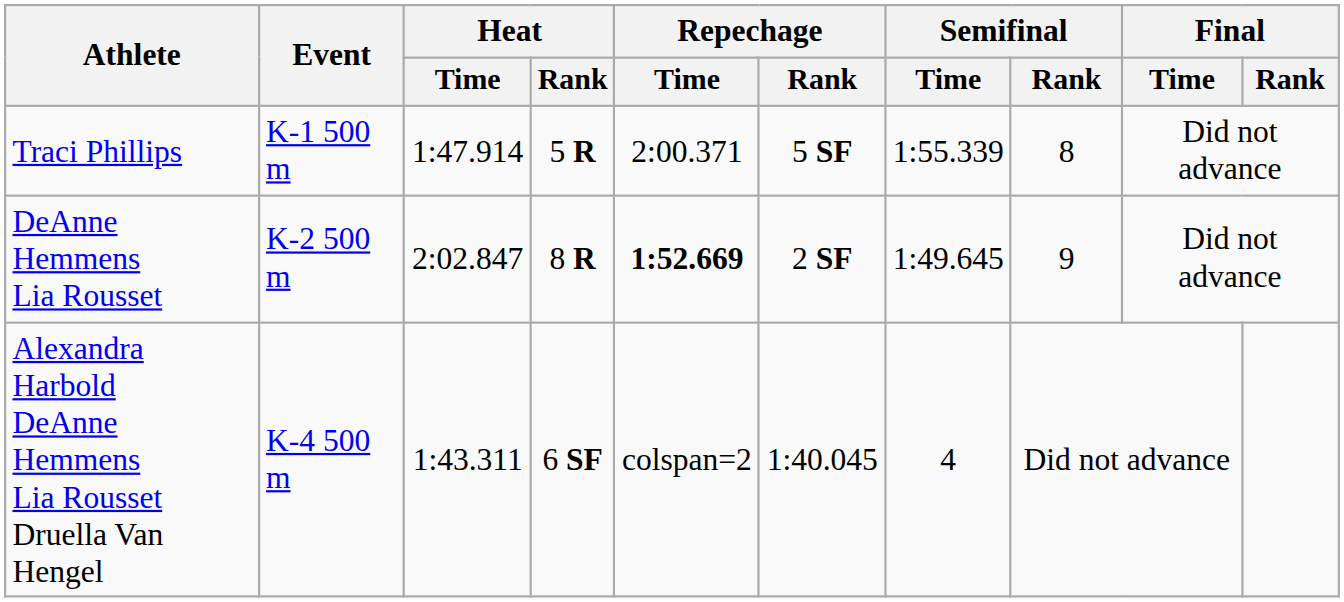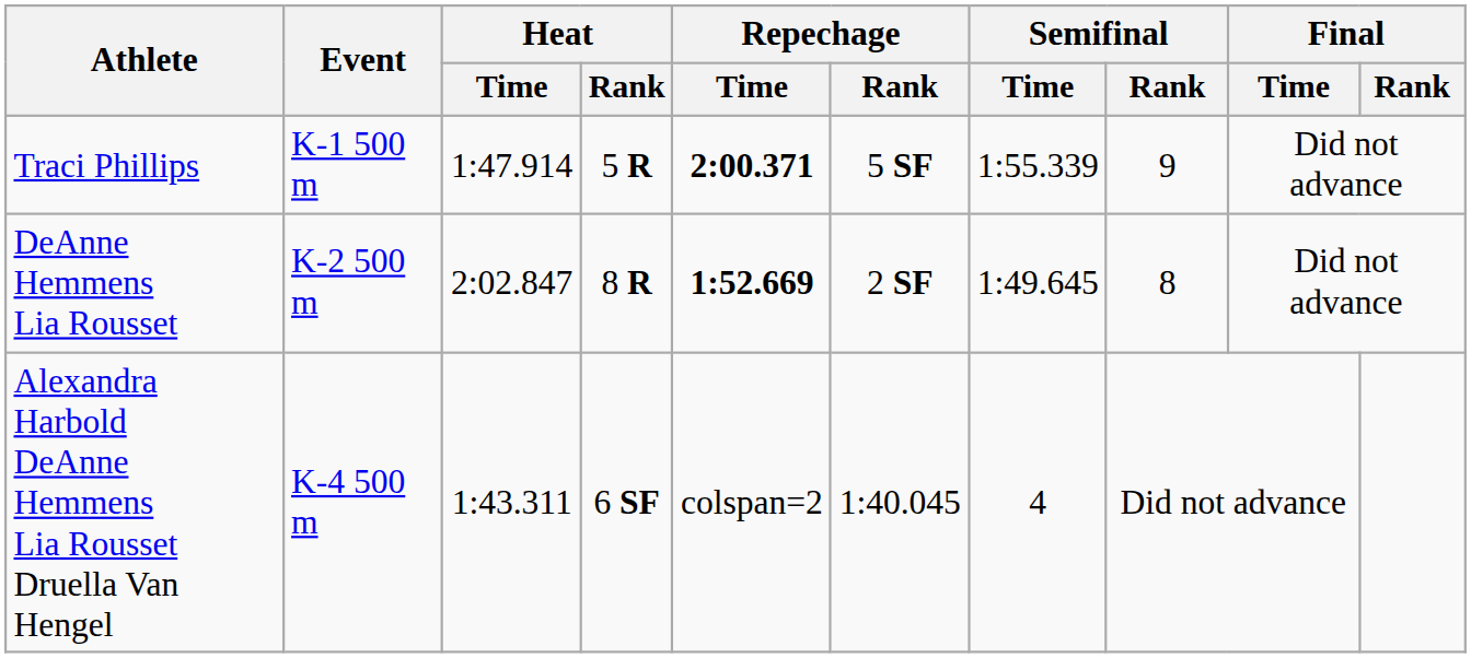 <table class=wikitable style=font-size:90%;text-align:center>
 <tr>
 <th rowspan=2>Athlete</th>
 <th rowspan=2>Event</th>
 <th colspan=2>Heat</th>
 <th colspan=2>Repechage</th>
 <th colspan=2>Semifinal</th>
 <th colspan=2>Final</th>
 </tr>
 <tr style=font-size:95%>
 <th>Time</th>
 <th>Rank</th>
 <th>Time</th>
 <th>Rank</th>
 <th>Time</th>
 <th>Rank</th>
 <th>Time</th>
 <th>Rank</th>
 </tr>
 <tr>
 <td align=left><a href='#'>Traci Phillips</a></td>
 <td align=left><a href='#'>K-1 500 m</a></td>
 <td>1:47.914</td>
 <td>5 <strong>R</strong></td>
-<td>2:00.371</td>
+<td><strong>2:00.371</strong></td>
 <td>5 <strong>SF</strong></td>
 <td>1:55.339</td>
-<td>8</td>
+<td>9</td>
 <td colspan=2>Did not advance</td>
 </tr>
 <tr>
 <td align=left><a href='#'>DeAnne Hemmens</a><br><a href='#'>Lia Rousset</a></td>
 <td align=left><a href='#'>K-2 500 m</a></td>
 <td>2:02.847</td>
 <td>8 <strong>R</strong></td>
 <td><strong>1:52.669</strong></td>
 <td>2 <strong>SF</strong></td>
 <td>1:49.645</td>
-<td>9</td>
+<td>8</td>
 <td colspan=2>Did not advance</td>
 </tr>
 <tr>
 <td align=left><a href='#'>Alexandra Harbold</a><br><a href='#'>DeAnne Hemmens</a><br><a href='#'>Lia Rousset</a><br>Druella Van Hengel</td>
 <td align=left><a href='#'>K-4 500 m</a></td>
 <td>1:43.311</td>
 <td>6 <strong>SF</strong></td>
 <td>colspan=2 </td>
 <td>1:40.045</td>
 <td>4</td>
 <td colspan=2>Did not advance</td>
 </tr>
 </table>
